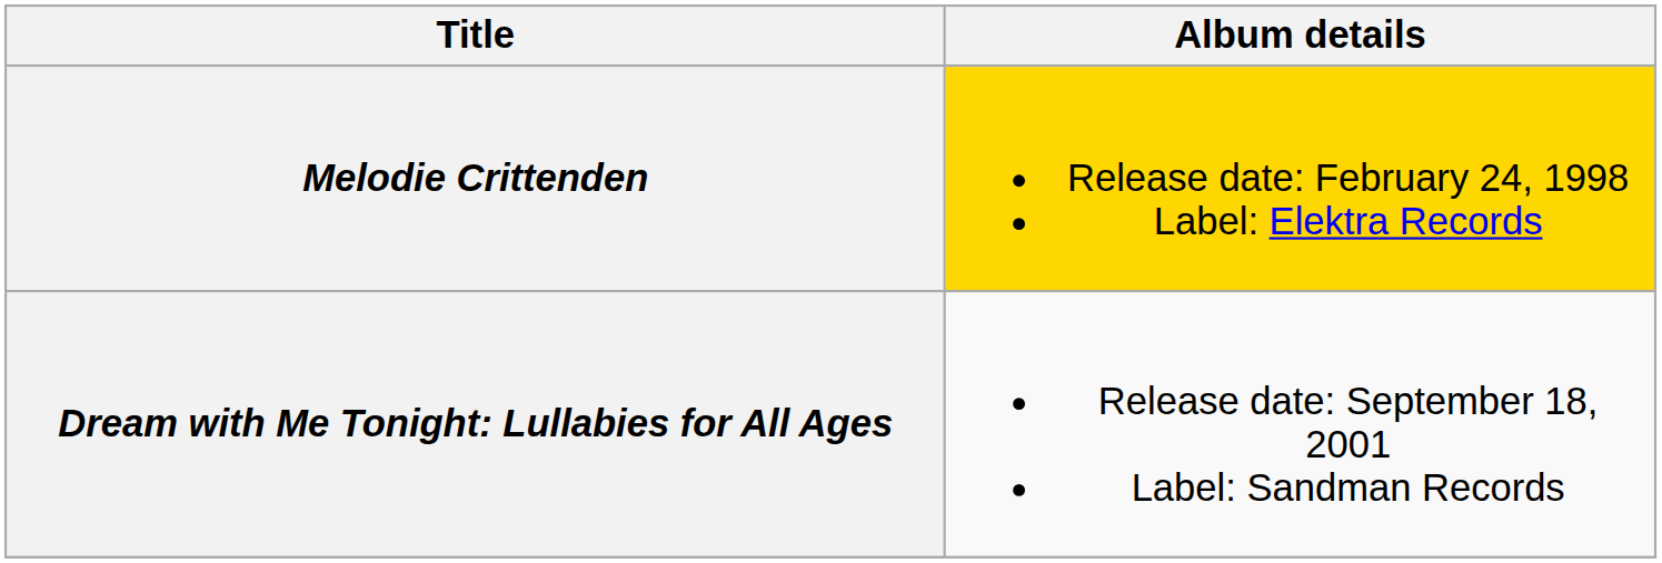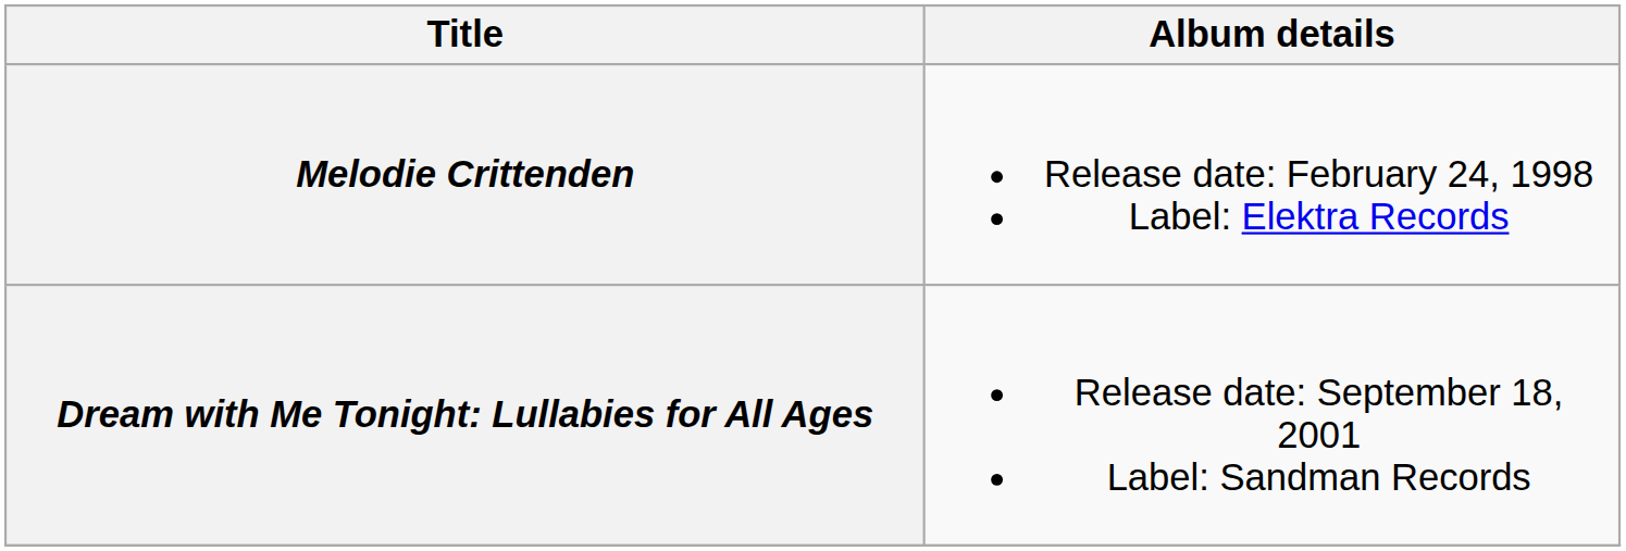 <table class="wikitable plainrowheaders" style="text-align:center;">
 <tr>
 <th style="width:24em;">Title</th>
 <th style="width:18em;">Album details</th>
 </tr>
 <tr>
 <th scope="row"><em>Melodie Crittenden</em></th>
-<td style="background: gold;"><br><ul><li>Release date: February 24, 1998</li><li>Label: <a href='#'>Elektra Records</a></li></ul></td>
+<td><br><ul><li>Release date: February 24, 1998</li><li>Label: <a href='#'>Elektra Records</a></li></ul></td>
 </tr>
 <tr>
 <th scope="row"><em>Dream with Me Tonight: Lullabies for All Ages</em></th>
 <td><br><ul><li>Release date: September 18, 2001</li><li>Label: Sandman Records</li></ul></td>
 </tr>
 <tr>
 </tr>
 </table>
